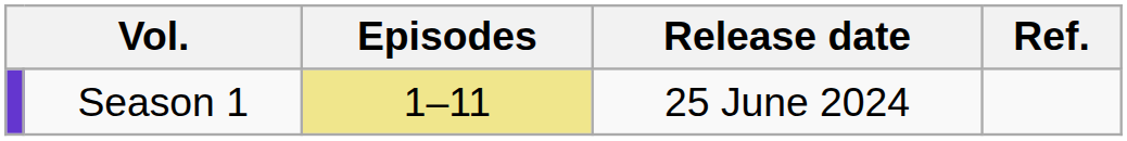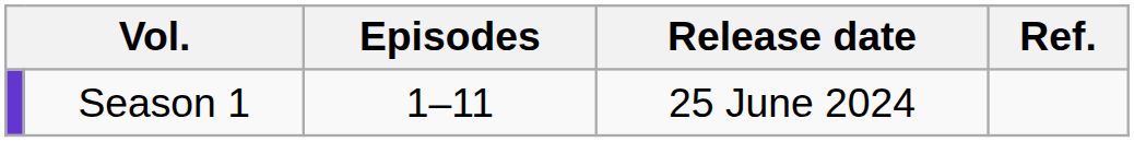 <table class="wikitable" style="text-align: center; width: 50%;">
 <tr>
 <th colspan="2">Vol.</th>
 <th>Episodes</th>
 <th>Release date</th>
 <th>Ref.</th>
 </tr>
 <tr>
 <td width="1%" style="background: #6436CF;"></td>
 <td>Season 1</td>
-<td style="background: khaki;">1–11</td>
+<td>1–11</td>
 <td>25 June 2024</td>
 <td></td>
 </tr>
 </table>
